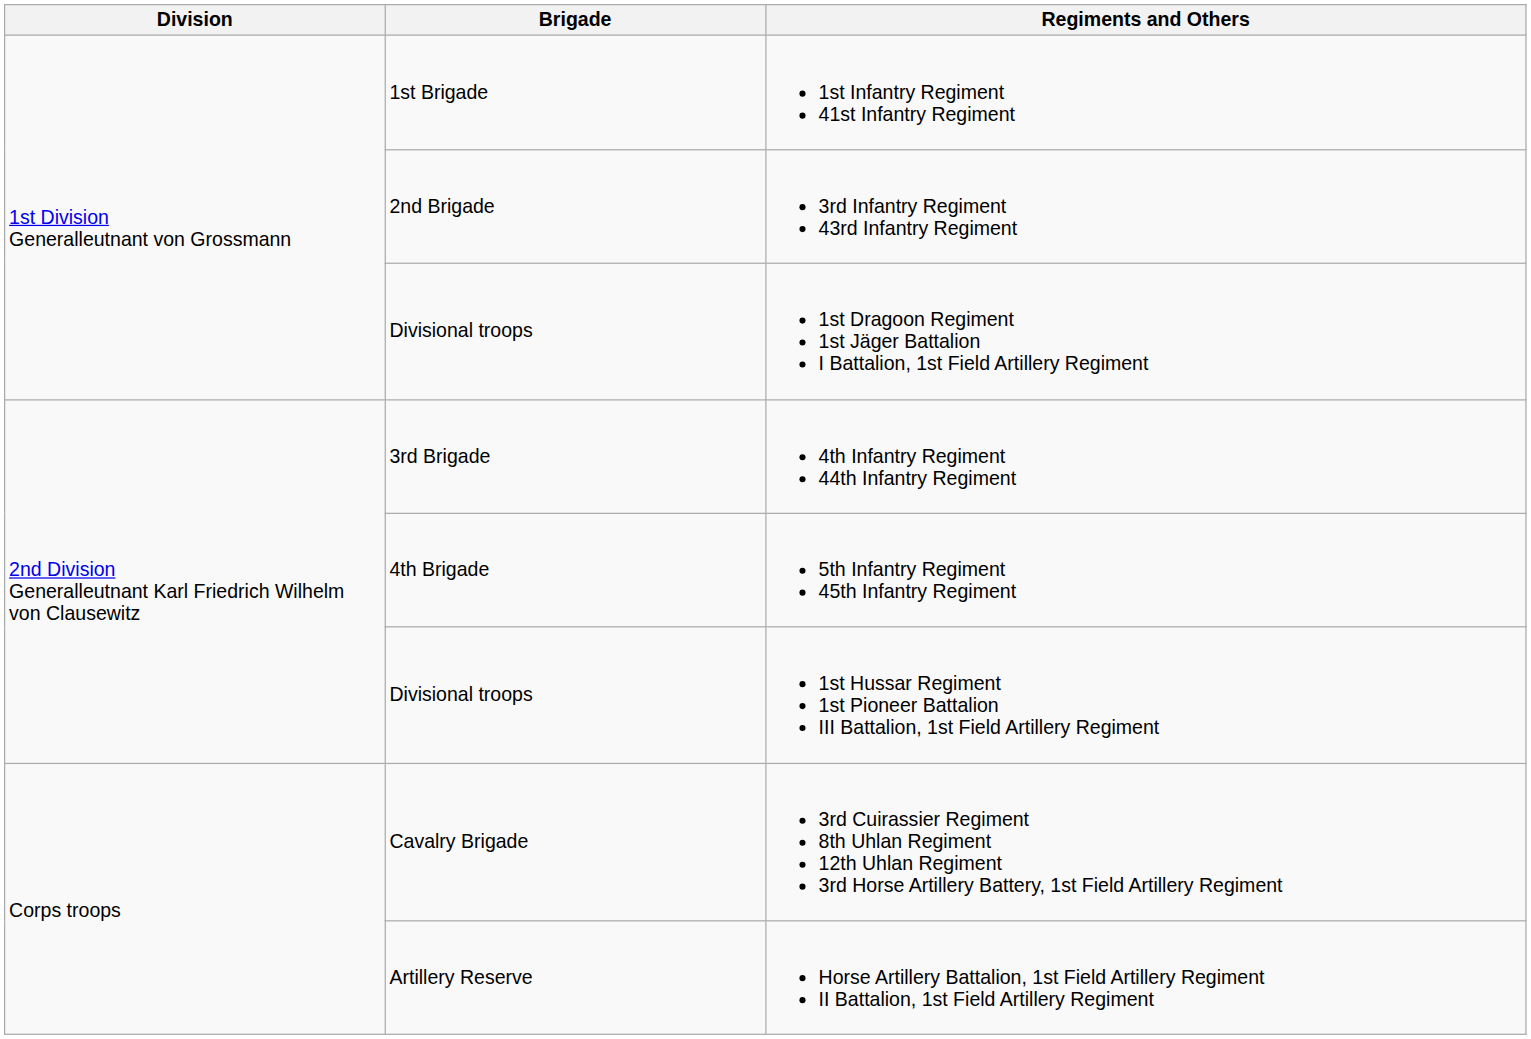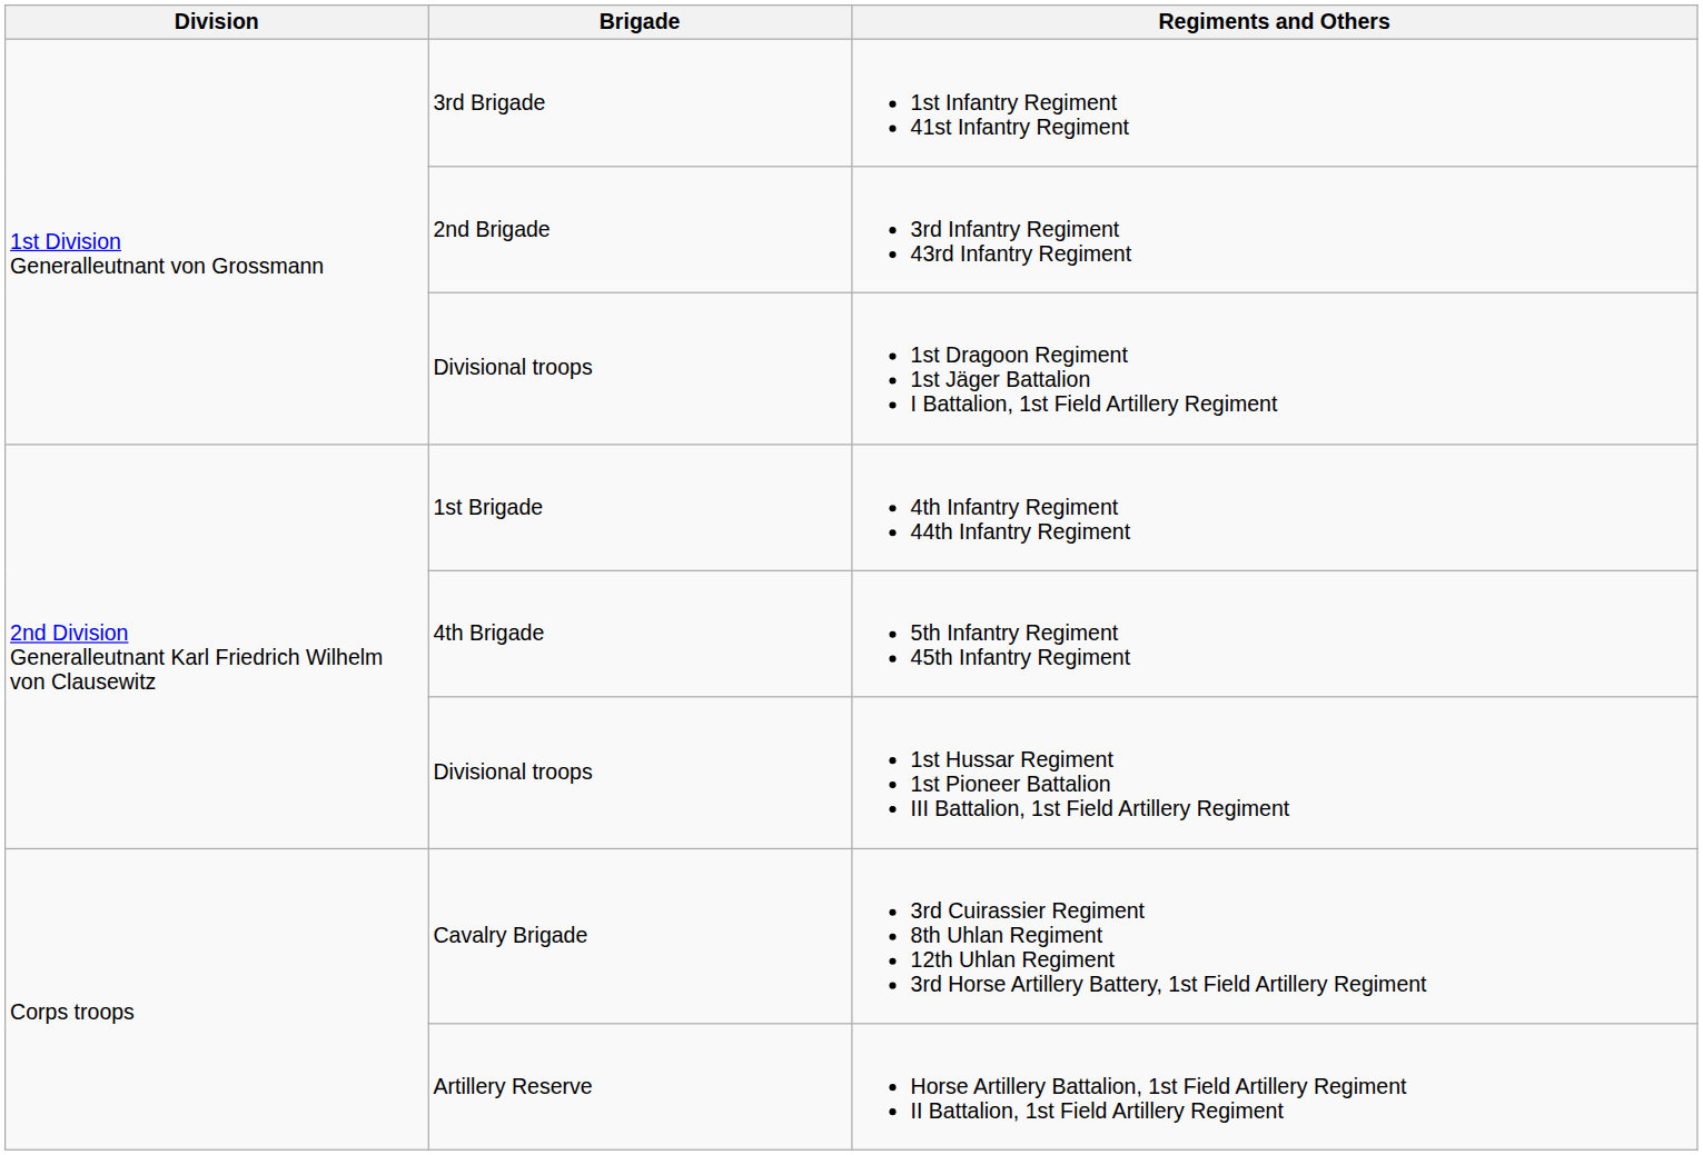 <table class="wikitable">
 <tr>
 <th style="width:25%;">Division</th>
 <th style="width:25%;">Brigade</th>
 <th>Regiments and Others</th>
 </tr>
 <tr>
 <td rowspan=3><br><a href='#'>1st Division</a> <br> Generalleutnant von Grossmann</td>
-<td>1st Brigade</td>
+<td>3rd Brigade</td>
 <td><br><ul><li>1st Infantry Regiment</li><li>41st Infantry Regiment</li></ul></td>
 </tr>
 <tr>
 <td>2nd Brigade</td>
 <td><br><ul><li>3rd Infantry Regiment</li><li>43rd Infantry Regiment</li></ul></td>
 </tr>
 <tr>
 <td>Divisional troops</td>
 <td><br><ul><li>1st Dragoon Regiment</li><li>1st Jäger Battalion</li><li>I Battalion, 1st Field Artillery Regiment</li></ul></td>
 </tr>
 <tr>
 <td rowspan=3><br><a href='#'>2nd Division</a> <br> Generalleutnant Karl Friedrich Wilhelm von Clausewitz</td>
-<td>3rd Brigade</td>
+<td>1st Brigade</td>
 <td><br><ul><li>4th Infantry Regiment</li><li>44th Infantry Regiment</li></ul></td>
 </tr>
 <tr>
 <td>4th Brigade</td>
 <td><br><ul><li>5th Infantry Regiment</li><li>45th Infantry Regiment</li></ul></td>
 </tr>
 <tr>
 <td>Divisional troops</td>
 <td><br><ul><li>1st Hussar Regiment</li><li>1st Pioneer Battalion</li><li>III Battalion, 1st Field Artillery Regiment</li></ul></td>
 </tr>
 <tr>
 <td rowspan=2><br>Corps troops</td>
 <td>Cavalry Brigade</td>
 <td><br><ul><li>3rd Cuirassier Regiment</li><li>8th Uhlan Regiment</li><li>12th Uhlan Regiment</li><li>3rd Horse Artillery Battery, 1st Field Artillery Regiment</li></ul></td>
 </tr>
 <tr>
 <td>Artillery Reserve</td>
 <td><br><ul><li>Horse Artillery Battalion, 1st Field Artillery Regiment</li><li>II Battalion, 1st Field Artillery Regiment</li></ul></td>
 </tr>
 </table>
